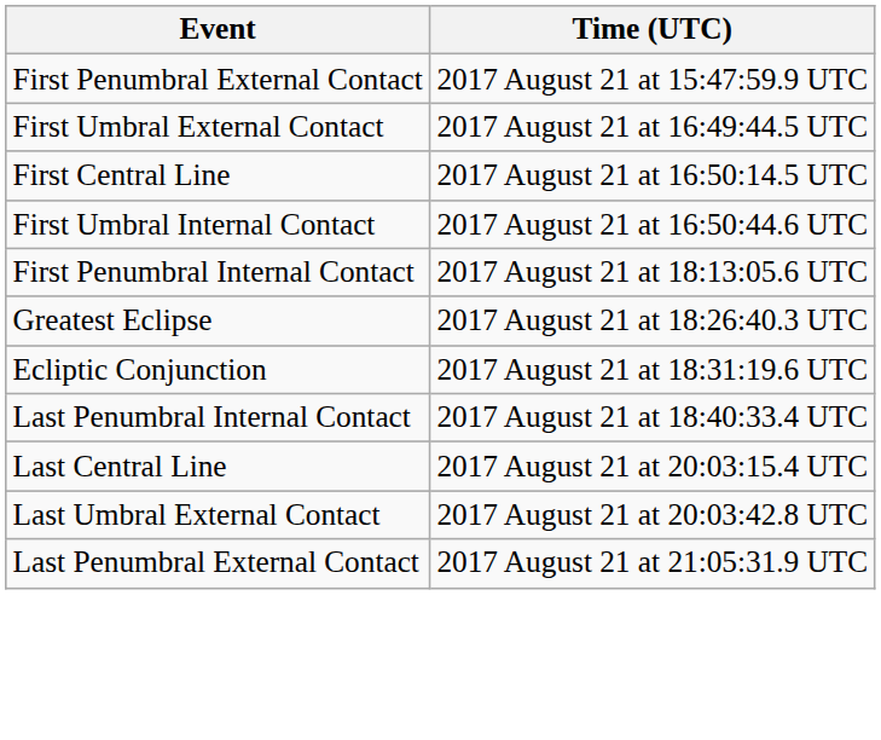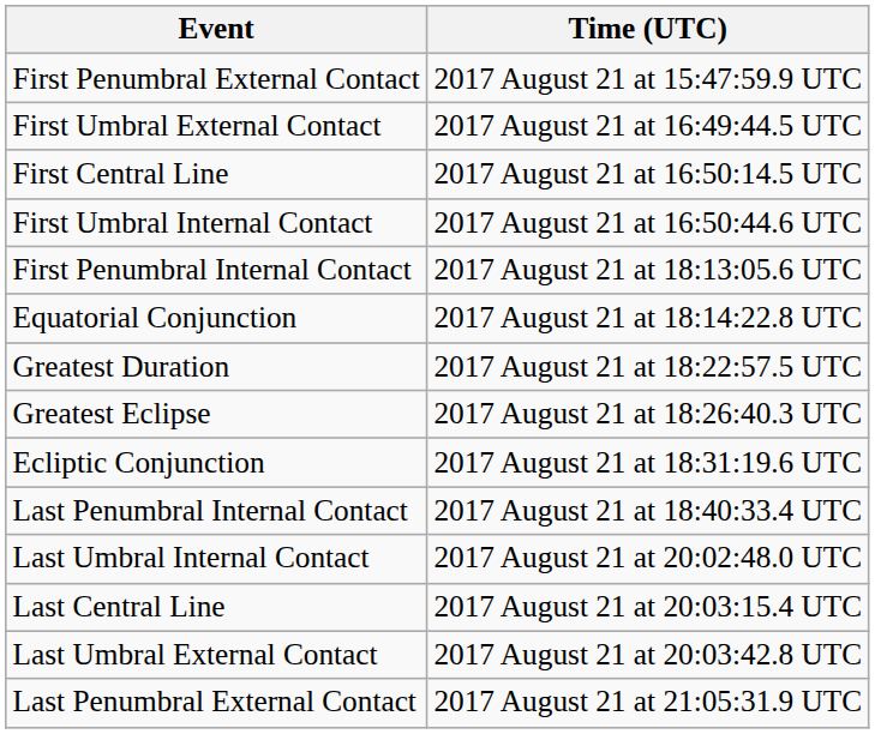 <table class="wikitable">
 <tr>
 <th>Event</th>
 <th>Time (UTC)</th>
 </tr>
 <tr>
 <td>First Penumbral External Contact</td>
 <td>2017 August 21 at 15:47:59.9 UTC</td>
 </tr>
 <tr>
 <td>First Umbral External Contact</td>
 <td>2017 August 21 at 16:49:44.5 UTC</td>
 </tr>
 <tr>
 <td>First Central Line</td>
 <td>2017 August 21 at 16:50:14.5 UTC</td>
 </tr>
 <tr>
 <td>First Umbral Internal Contact</td>
 <td>2017 August 21 at 16:50:44.6 UTC</td>
 </tr>
 <tr>
 <td>First Penumbral Internal Contact</td>
 <td>2017 August 21 at 18:13:05.6 UTC</td>
 </tr>
 <tr>
+<td>Equatorial Conjunction</td>
+<td>2017 August 21 at 18:14:22.8 UTC</td>
+</tr>
+<tr>
+<td>Greatest Duration</td>
+<td>2017 August 21 at 18:22:57.5 UTC</td>
+</tr>
+<tr>
 <td>Greatest Eclipse</td>
 <td>2017 August 21 at 18:26:40.3 UTC</td>
 </tr>
 <tr>
 <td>Ecliptic Conjunction</td>
 <td>2017 August 21 at 18:31:19.6 UTC</td>
 </tr>
 <tr>
 <td>Last Penumbral Internal Contact</td>
 <td>2017 August 21 at 18:40:33.4 UTC</td>
+</tr>
+<tr>
+<td>Last Umbral Internal Contact</td>
+<td>2017 August 21 at 20:02:48.0 UTC</td>
 </tr>
 <tr>
 <td>Last Central Line</td>
 <td>2017 August 21 at 20:03:15.4 UTC</td>
 </tr>
 <tr>
 <td>Last Umbral External Contact</td>
 <td>2017 August 21 at 20:03:42.8 UTC</td>
 </tr>
 <tr>
 <td>Last Penumbral External Contact</td>
 <td>2017 August 21 at 21:05:31.9 UTC</td>
 </tr>
 </table>
